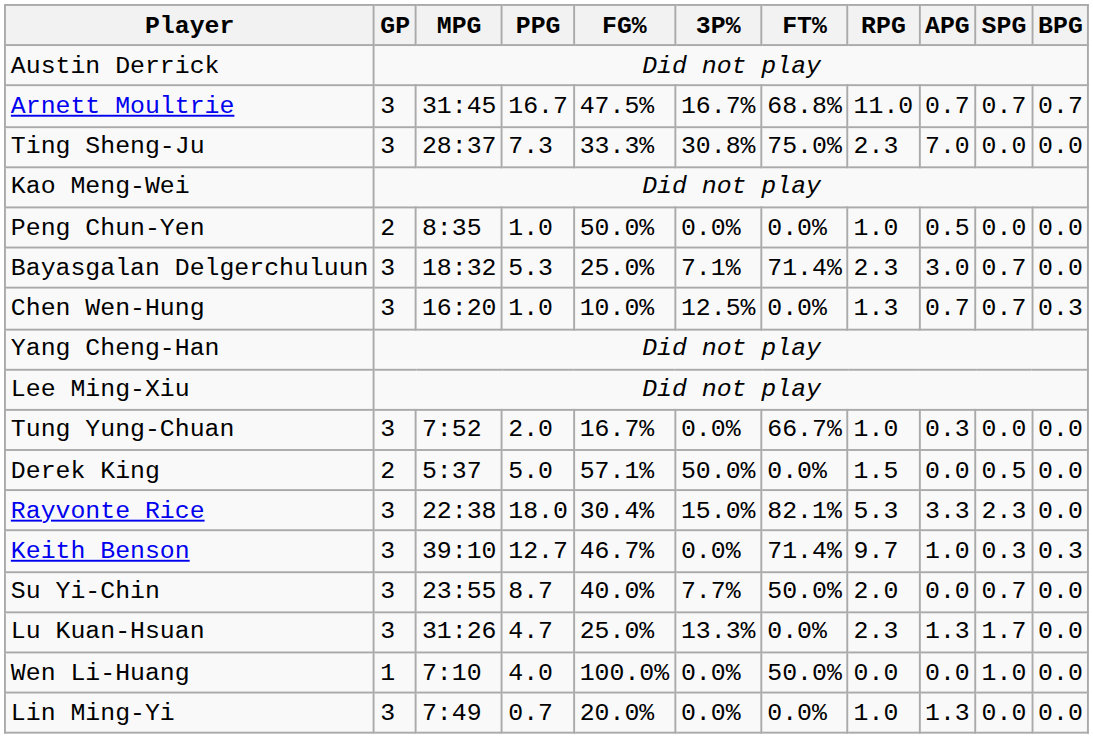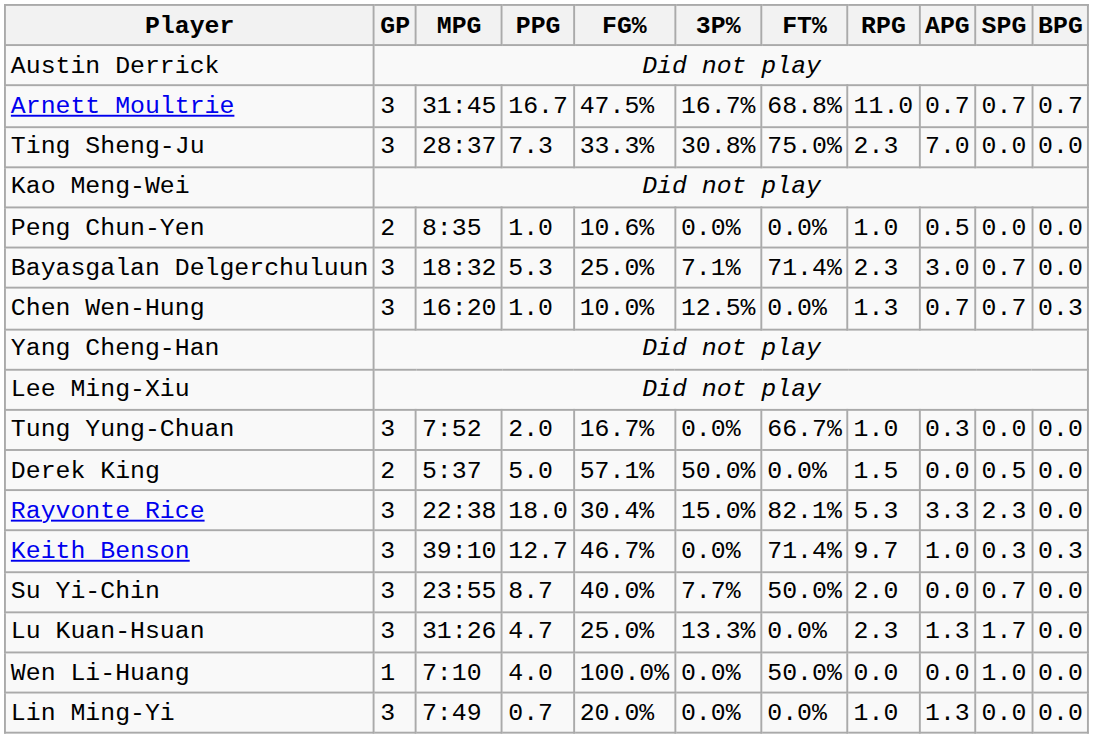 <table class="wikitable">
 <tr>
 <th>Player</th>
 <th>GP</th>
 <th>MPG</th>
 <th>PPG</th>
 <th>FG%</th>
 <th>3P%</th>
 <th>FT%</th>
 <th>RPG</th>
 <th>APG</th>
 <th>SPG</th>
 <th>BPG</th>
 </tr>
 <tr>
 <td>Austin Derrick</td>
 <td colspan=10 align=center><em>Did not play</em></td>
 </tr>
 <tr>
 <td><a href='#'>Arnett Moultrie</a></td>
 <td>3</td>
 <td>31:45</td>
 <td>16.7</td>
 <td>47.5%</td>
 <td>16.7%</td>
 <td>68.8%</td>
 <td>11.0</td>
 <td>0.7</td>
 <td>0.7</td>
 <td>0.7</td>
 </tr>
 <tr>
 <td>Ting Sheng-Ju</td>
 <td>3</td>
 <td>28:37</td>
 <td>7.3</td>
 <td>33.3%</td>
 <td>30.8%</td>
 <td>75.0%</td>
 <td>2.3</td>
 <td>7.0</td>
 <td>0.0</td>
 <td>0.0</td>
 </tr>
 <tr>
 <td>Kao Meng-Wei</td>
 <td colspan=10 align=center><em>Did not play</em></td>
 </tr>
 <tr>
 <td>Peng Chun-Yen</td>
 <td>2</td>
 <td>8:35</td>
 <td>1.0</td>
-<td>50.0%</td>
+<td>10.6%</td>
 <td>0.0%</td>
 <td>0.0%</td>
 <td>1.0</td>
 <td>0.5</td>
 <td>0.0</td>
 <td>0.0</td>
 </tr>
 <tr>
 <td>Bayasgalan Delgerchuluun</td>
 <td>3</td>
 <td>18:32</td>
 <td>5.3</td>
 <td>25.0%</td>
 <td>7.1%</td>
 <td>71.4%</td>
 <td>2.3</td>
 <td>3.0</td>
 <td>0.7</td>
 <td>0.0</td>
 </tr>
 <tr>
 <td>Chen Wen-Hung</td>
 <td>3</td>
 <td>16:20</td>
 <td>1.0</td>
 <td>10.0%</td>
 <td>12.5%</td>
 <td>0.0%</td>
 <td>1.3</td>
 <td>0.7</td>
 <td>0.7</td>
 <td>0.3</td>
 </tr>
 <tr>
 <td>Yang Cheng-Han</td>
 <td colspan=10 align=center><em>Did not play</em></td>
 </tr>
 <tr>
 <td>Lee Ming-Xiu</td>
 <td colspan=10 align=center><em>Did not play</em></td>
 </tr>
 <tr>
 <td>Tung Yung-Chuan</td>
 <td>3</td>
 <td>7:52</td>
 <td>2.0</td>
 <td>16.7%</td>
 <td>0.0%</td>
 <td>66.7%</td>
 <td>1.0</td>
 <td>0.3</td>
 <td>0.0</td>
 <td>0.0</td>
 </tr>
 <tr>
 <td>Derek King</td>
 <td>2</td>
 <td>5:37</td>
 <td>5.0</td>
 <td>57.1%</td>
 <td>50.0%</td>
 <td>0.0%</td>
 <td>1.5</td>
 <td>0.0</td>
 <td>0.5</td>
 <td>0.0</td>
 </tr>
 <tr>
 <td><a href='#'>Rayvonte Rice</a></td>
 <td>3</td>
 <td>22:38</td>
 <td>18.0</td>
 <td>30.4%</td>
 <td>15.0%</td>
 <td>82.1%</td>
 <td>5.3</td>
 <td>3.3</td>
 <td>2.3</td>
 <td>0.0</td>
 </tr>
 <tr>
 <td><a href='#'>Keith Benson</a></td>
 <td>3</td>
 <td>39:10</td>
 <td>12.7</td>
 <td>46.7%</td>
 <td>0.0%</td>
 <td>71.4%</td>
 <td>9.7</td>
 <td>1.0</td>
 <td>0.3</td>
 <td>0.3</td>
 </tr>
 <tr>
 <td>Su Yi-Chin</td>
 <td>3</td>
 <td>23:55</td>
 <td>8.7</td>
 <td>40.0%</td>
 <td>7.7%</td>
 <td>50.0%</td>
 <td>2.0</td>
 <td>0.0</td>
 <td>0.7</td>
 <td>0.0</td>
 </tr>
 <tr>
 <td>Lu Kuan-Hsuan</td>
 <td>3</td>
 <td>31:26</td>
 <td>4.7</td>
 <td>25.0%</td>
 <td>13.3%</td>
 <td>0.0%</td>
 <td>2.3</td>
 <td>1.3</td>
 <td>1.7</td>
 <td>0.0</td>
 </tr>
 <tr>
 <td>Wen Li-Huang</td>
 <td>1</td>
 <td>7:10</td>
 <td>4.0</td>
 <td>100.0%</td>
 <td>0.0%</td>
 <td>50.0%</td>
 <td>0.0</td>
 <td>0.0</td>
 <td>1.0</td>
 <td>0.0</td>
 </tr>
 <tr>
 <td>Lin Ming-Yi</td>
 <td>3</td>
 <td>7:49</td>
 <td>0.7</td>
 <td>20.0%</td>
 <td>0.0%</td>
 <td>0.0%</td>
 <td>1.0</td>
 <td>1.3</td>
 <td>0.0</td>
 <td>0.0</td>
 </tr>
 </table>
